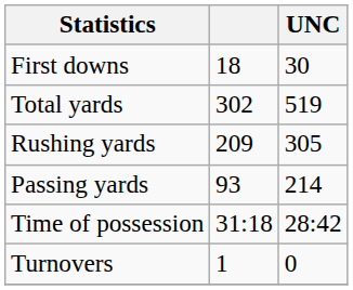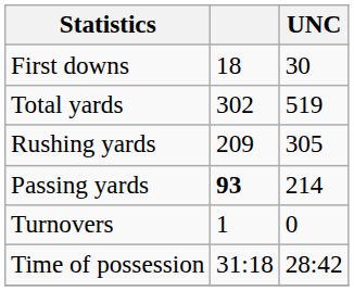 <table class="wikitable">
 <tr>
 <th>Statistics</th>
 <th></th>
 <th>UNC</th>
 </tr>
 <tr>
 <td>First downs</td>
 <td>18</td>
 <td>30</td>
 </tr>
 <tr>
 <td>Total yards</td>
 <td>302</td>
 <td>519</td>
 </tr>
 <tr>
 <td>Rushing yards</td>
 <td>209</td>
 <td>305</td>
 </tr>
 <tr>
 <td>Passing yards</td>
-<td>93</td>
+<td><strong>93</strong></td>
 <td>214</td>
+</tr>
+<tr>
+<td>Turnovers</td>
+<td>1</td>
+<td>0</td>
 </tr>
 <tr>
 <td>Time of possession</td>
 <td>31:18</td>
 <td>28:42</td>
 </tr>
 <tr>
-<td>Turnovers</td>
-<td>1</td>
-<td>0</td>
-</tr>
-<tr>
 </tr>
 </table>
